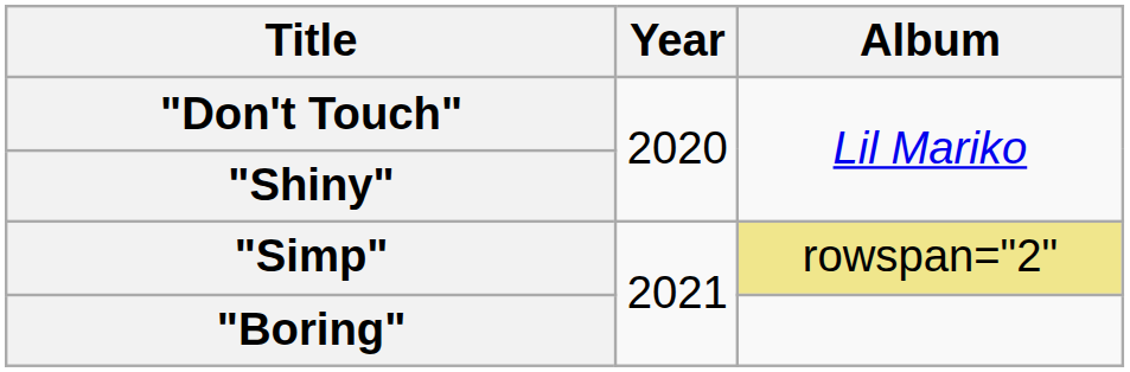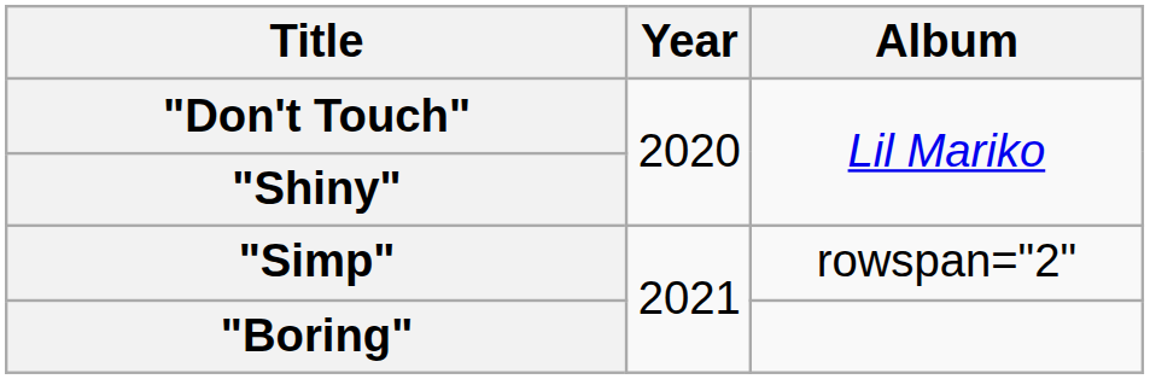 <table class="wikitable plainrowheaders" style="text-align:center;" border="1">
 <tr>
 <th scope="col" style="width:13em;">Title</th>
 <th scope="col" style="width:1em;">Year</th>
 <th scope="col" style="width:8em;">Album</th>
 </tr>
 <tr>
 <th scope="row">"Don't Touch" </th>
 <td rowspan="2">2020</td>
 <td rowspan="2"><em><a href='#'>Lil Mariko</a></em></td>
 </tr>
 <tr>
 <th scope="row">"Shiny" </th>
 </tr>
 <tr>
 <th scope="row">"Simp" </th>
 <td rowspan="2">2021</td>
-<td style="background: khaki;">rowspan="2" </td>
+<td>rowspan="2" </td>
 </tr>
 <tr>
 <th scope="row">"Boring" </th>
 </tr>
 </table>
